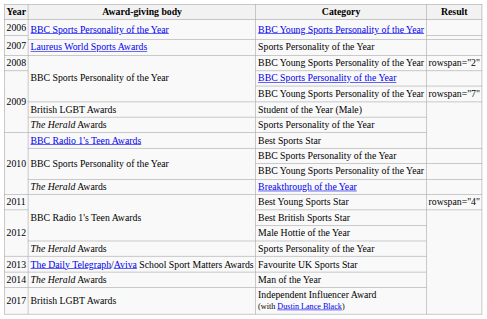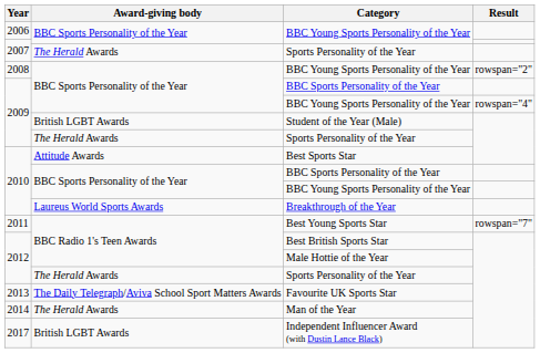 <table class="wikitable">
 <tr>
 <th>Year</th>
 <th>Award-giving body</th>
 <th>Category</th>
 <th>Result</th>
 </tr>
 <tr>
 <td>2006</td>
 <td rowspan="2"><a href='#'>BBC Sports Personality of the Year</a></td>
 <td rowspan="2"><a href='#'>BBC Young Sports Personality of the Year</a></td>
 <td></td>
 </tr>
 <tr>
 <td rowspan="2">2007</td>
 <td></td>
 </tr>
 <tr>
-<td><a href='#'>Laureus World Sports Awards</a></td>
+<td><em><a href='#'>The Herald</a></em> Awards</td>
 <td>Sports Personality of the Year</td>
 <td></td>
 </tr>
 <tr>
 <td>2008</td>
 <td rowspan="3">BBC Sports Personality of the Year</td>
 <td>BBC Young Sports Personality of the Year</td>
 <td>rowspan="2" </td>
 </tr>
 <tr>
 <td rowspan="4">2009</td>
 <td><a href='#'>BBC Sports Personality of the Year</a></td>
 </tr>
 <tr>
 <td>BBC Young Sports Personality of the Year</td>
-<td>rowspan="7" </td>
+<td>rowspan="4" </td>
 </tr>
 <tr>
 <td>British LGBT Awards</td>
 <td>Student of the Year (Male)</td>
 </tr>
 <tr>
 <td><em>The Herald</em> Awards</td>
 <td>Sports Personality of the Year</td>
 </tr>
 <tr>
 <td rowspan="4">2010</td>
-<td><a href='#'>BBC Radio 1's Teen Awards</a></td>
+<td><a href='#'>Attitude</a> Awards</td>
 <td>Best Sports Star</td>
 </tr>
 <tr>
 <td rowspan="2">BBC Sports Personality of the Year</td>
 <td>BBC Sports Personality of the Year</td>
 <td></td>
 </tr>
 <tr>
 <td>BBC Young Sports Personality of the Year</td>
 <td></td>
 </tr>
 <tr>
-<td><em>The Herald</em> Awards</td>
+<td><a href='#'>Laureus World Sports Awards</a></td>
 <td><a href='#'>Breakthrough of the Year</a></td>
 <td></td>
 </tr>
 <tr>
 <td>2011</td>
 <td rowspan="3">BBC Radio 1's Teen Awards</td>
 <td>Best Young Sports Star</td>
-<td>rowspan="4" </td>
+<td>rowspan="7" </td>
 </tr>
 <tr>
 <td rowspan="3">2012</td>
 <td>Best British Sports Star</td>
 </tr>
 <tr>
 <td>Male Hottie of the Year</td>
 </tr>
 <tr>
 <td><em>The Herald</em> Awards</td>
 <td>Sports Personality of the Year</td>
 </tr>
 <tr>
 <td>2013</td>
 <td><a href='#'>The Daily Telegraph</a>/<a href='#'>Aviva</a> School Sport Matters Awards</td>
 <td>Favourite UK Sports Star</td>
 </tr>
 <tr>
 <td>2014</td>
 <td><em>The Herald</em> Awards</td>
 <td>Man of the Year</td>
 </tr>
 <tr>
 <td>2017</td>
 <td>British LGBT Awards</td>
 <td>Independent Influencer Award<br><small>(with <a href='#'>Dustin Lance Black</a>)</small></td>
 </tr>
 </table>
